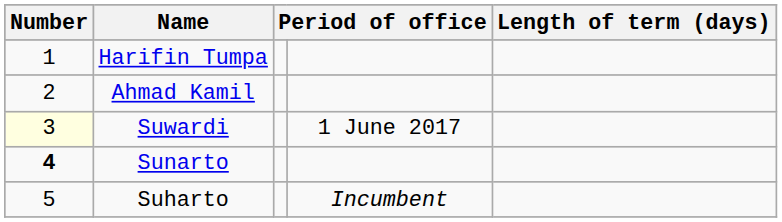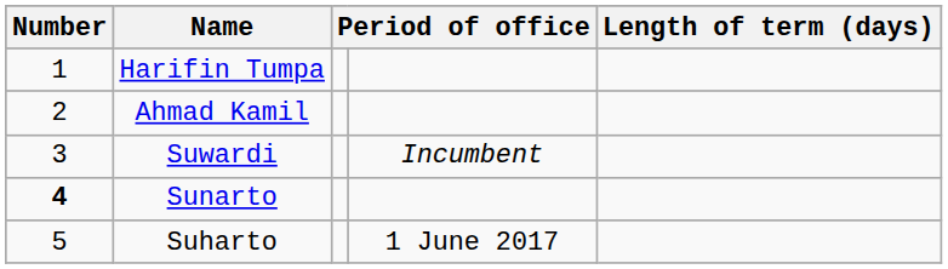 <table class="sortable wikitable ">
 <tr style="background:#B5B5B5">
 <th>Number</th>
 <th class="unsortable">Name</th>
 <th class="unsortable" colspan="2">Period of office</th>
 <th>Length of term (days)</th>
 </tr>
 <tr align="center">
 <td>1</td>
 <td><a href='#'>Harifin Tumpa</a></td>
 <td></td>
 <td></td>
 <td></td>
 </tr>
 <tr align="center">
 <td>2</td>
 <td><a href='#'>Ahmad Kamil</a></td>
 <td></td>
 <td></td>
 <td></td>
 </tr>
 <tr align="center">
-<td style="background: lightyellow;">3</td>
+<td>3</td>
 <td><a href='#'>Suwardi</a></td>
 <td></td>
-<td>1 June 2017</td>
+<td><em>Incumbent</em></td>
 <td></td>
 </tr>
 <tr align="center">
 <td><strong>4</strong></td>
 <td><a href='#'>Sunarto</a></td>
 <td></td>
 <td></td>
 <td></td>
 </tr>
 <tr align="center">
 <td>5</td>
 <td>Suharto</td>
 <td></td>
-<td><em>Incumbent</em></td>
+<td>1 June 2017</td>
 <td></td>
 </tr>
 </table>
